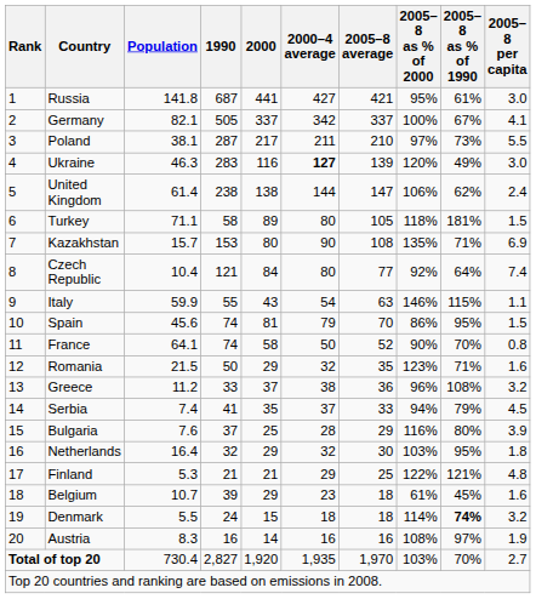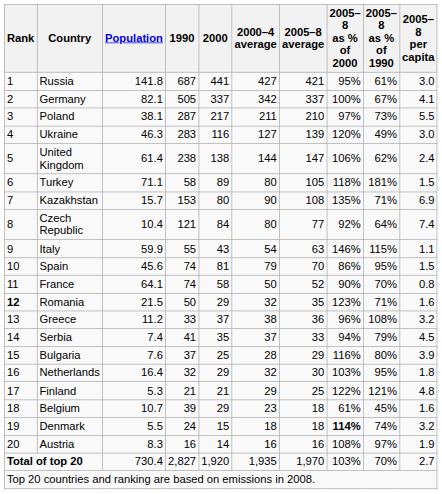 <table class="wikitable">
 <tr>
 <th>Rank</th>
 <th>Country</th>
 <th><a href='#'>Population</a></th>
 <th>1990</th>
 <th>2000</th>
 <th>2000–4<br>average</th>
 <th>2005–8<br>average</th>
 <th>2005–8<br>as % of<br>2000</th>
 <th>2005–8<br>as % of<br>1990</th>
 <th>2005–8<br>per<br>capita</th>
 </tr>
 <tr ---->
 <td align="left">1</td>
 <td align=" left">Russia</td>
 <td align=right>141.8</td>
 <td align=right>687</td>
 <td align=right>441</td>
 <td align=right>427</td>
 <td align=right>421</td>
 <td align=right>95%</td>
 <td align=right>61%</td>
 <td align=right>3.0</td>
 </tr>
 <tr ---->
 <td align="left">2</td>
 <td align=" left">Germany</td>
 <td align=right>82.1</td>
 <td align=right>505</td>
 <td align=right>337</td>
 <td align=right>342</td>
 <td align=right>337</td>
 <td align=right>100%</td>
 <td align=right>67%</td>
 <td align=right>4.1</td>
 </tr>
 <tr ---->
 <td align="left">3</td>
 <td align=" left">Poland</td>
 <td align=right>38.1</td>
 <td align=right>287</td>
 <td align=right>217</td>
 <td align=right>211</td>
 <td align=right>210</td>
 <td align=right>97%</td>
 <td align=right>73%</td>
 <td align=right>5.5</td>
 </tr>
 <tr ---->
 <td align="left">4</td>
 <td align=" left">Ukraine</td>
 <td align=right>46.3</td>
 <td align=right>283</td>
 <td align=right>116</td>
-<td align=right><strong>127</strong></td>
+<td align=right>127</td>
 <td align=right>139</td>
 <td align=right>120%</td>
 <td align=right>49%</td>
 <td align=right>3.0</td>
 </tr>
 <tr ---->
 <td align="left">5</td>
 <td align=" left">United Kingdom</td>
 <td align=right>61.4</td>
 <td align=right>238</td>
 <td align=right>138</td>
 <td align=right>144</td>
 <td align=right>147</td>
 <td align=right>106%</td>
 <td align=right>62%</td>
 <td align=right>2.4</td>
 </tr>
 <tr ---->
 <td align="left">6</td>
 <td align=" left">Turkey</td>
 <td align=right>71.1</td>
 <td align=right>58</td>
 <td align=right>89</td>
 <td align=right>80</td>
 <td align=right>105</td>
 <td align=right>118%</td>
 <td align=right>181%</td>
 <td align=right>1.5</td>
 </tr>
 <tr ---->
 <td align="left">7</td>
 <td align=" left">Kazakhstan</td>
 <td align=right>15.7</td>
 <td align=right>153</td>
 <td align=right>80</td>
 <td align=right>90</td>
 <td align=right>108</td>
 <td align=right>135%</td>
 <td align=right>71%</td>
 <td align=right>6.9</td>
 </tr>
 <tr ---->
 <td align="left">8</td>
 <td align=" left">Czech Republic</td>
 <td align=right>10.4</td>
 <td align=right>121</td>
 <td align=right>84</td>
 <td align=right>80</td>
 <td align=right>77</td>
 <td align=right>92%</td>
 <td align=right>64%</td>
 <td align=right>7.4</td>
 </tr>
 <tr ---->
 <td align="left">9</td>
 <td align=" left">Italy</td>
 <td align=right>59.9</td>
 <td align=right>55</td>
 <td align=right>43</td>
 <td align=right>54</td>
 <td align=right>63</td>
 <td align=right>146%</td>
 <td align=right>115%</td>
 <td align=right>1.1</td>
 </tr>
 <tr ---->
 <td align="left">10</td>
 <td align=" left">Spain</td>
 <td align=right>45.6</td>
 <td align=right>74</td>
 <td align=right>81</td>
 <td align=right>79</td>
 <td align=right>70</td>
 <td align=right>86%</td>
 <td align=right>95%</td>
 <td align=right>1.5</td>
 </tr>
 <tr ---->
 <td align="left">11</td>
 <td align=" left">France</td>
 <td align=right>64.1</td>
 <td align=right>74</td>
 <td align=right>58</td>
 <td align=right>50</td>
 <td align=right>52</td>
 <td align=right>90%</td>
 <td align=right>70%</td>
 <td align=right>0.8</td>
 </tr>
 <tr ---->
-<td align="left">12</td>
+<td align="left"><strong>12</strong></td>
 <td align=" left">Romania</td>
 <td align=right>21.5</td>
 <td align=right>50</td>
 <td align=right>29</td>
 <td align=right>32</td>
 <td align=right>35</td>
 <td align=right>123%</td>
 <td align=right>71%</td>
 <td align=right>1.6</td>
 </tr>
 <tr ---->
 <td align="left">13</td>
 <td align=" left">Greece</td>
 <td align=right>11.2</td>
 <td align=right>33</td>
 <td align=right>37</td>
 <td align=right>38</td>
 <td align=right>36</td>
 <td align=right>96%</td>
 <td align=right>108%</td>
 <td align=right>3.2</td>
 </tr>
 <tr ---->
 <td align="left">14</td>
 <td align=" left">Serbia</td>
 <td align=right>7.4</td>
 <td align=right>41</td>
 <td align=right>35</td>
 <td align=right>37</td>
 <td align=right>33</td>
 <td align=right>94%</td>
 <td align=right>79%</td>
 <td align=right>4.5</td>
 </tr>
 <tr ---->
 <td align="left">15</td>
 <td align=" left">Bulgaria</td>
 <td align=right>7.6</td>
 <td align=right>37</td>
 <td align=right>25</td>
 <td align=right>28</td>
 <td align=right>29</td>
 <td align=right>116%</td>
 <td align=right>80%</td>
 <td align=right>3.9</td>
 </tr>
 <tr ---->
 <td align="left">16</td>
 <td align=" left">Netherlands</td>
 <td align=right>16.4</td>
 <td align=right>32</td>
 <td align=right>29</td>
 <td align=right>32</td>
 <td align=right>30</td>
 <td align=right>103%</td>
 <td align=right>95%</td>
 <td align=right>1.8</td>
 </tr>
 <tr ---->
 <td align="left">17</td>
 <td align=" left">Finland</td>
 <td align=right>5.3</td>
 <td align=right>21</td>
 <td align=right>21</td>
 <td align=right>29</td>
 <td align=right>25</td>
 <td align=right>122%</td>
 <td align=right>121%</td>
 <td align=right>4.8</td>
 </tr>
 <tr ---->
 <td align="left">18</td>
 <td align=" left">Belgium</td>
 <td align=right>10.7</td>
 <td align=right>39</td>
 <td align=right>29</td>
 <td align=right>23</td>
 <td align=right>18</td>
 <td align=right>61%</td>
 <td align=right>45%</td>
 <td align=right>1.6</td>
 </tr>
 <tr ---->
 <td align="left">19</td>
 <td align=" left">Denmark</td>
 <td align=right>5.5</td>
 <td align=right>24</td>
 <td align=right>15</td>
 <td align=right>18</td>
 <td align=right>18</td>
-<td align=right>114%</td>
-<td align=right><strong>74%</strong></td>
+<td align=right><strong>114%</strong></td>
+<td align=right>74%</td>
 <td align=right>3.2</td>
 </tr>
 <tr ---->
 <td align="left">20</td>
 <td align=" left">Austria</td>
 <td align=right>8.3</td>
 <td align=right>16</td>
 <td align=right>14</td>
 <td align=right>16</td>
 <td align=right>16</td>
 <td align=right>108%</td>
 <td align=right>97%</td>
 <td align=right>1.9</td>
 </tr>
 <tr ---->
 <td colspan=2 align=" left"><strong>Total of top 20</strong></td>
 <td align=right>730.4</td>
 <td align=right>2,827</td>
 <td align=right>1,920</td>
 <td align=right>1,935</td>
 <td align=right>1,970</td>
 <td align=right>103%</td>
 <td align=right>70%</td>
 <td align=right>2.7</td>
 </tr>
 <tr ---->
 <td align="left" colspan=10>Top 20 countries and ranking are based on emissions in 2008.</td>
 </tr>
 </table>
